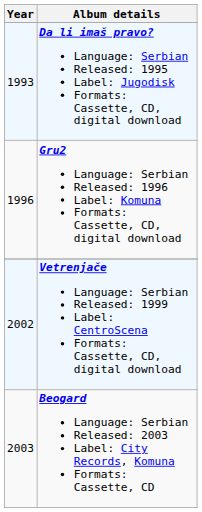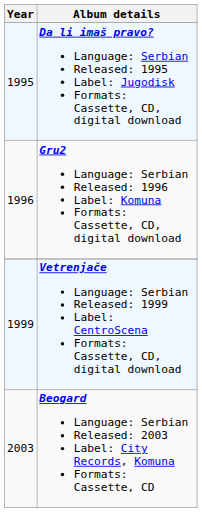 <table class="wikitable">
 <tr>
 <th align="center">Year</th>
 <th align="center" width="180">Album details</th>
 </tr>
 <tr>
 </tr>
 <tr bgcolor="#F0F8FF">
-<td>1993</td>
+<td>1995</td>
 <td><strong><em><a href='#'>Da li imaš pravo?</a></em></strong><br><ul><li>Language: <a href='#'>Serbian</a></li><li>Released: 1995</li><li>Label: <a href='#'>Jugodisk</a></li><li>Formats: Cassette, CD, digital download</li></ul></td>
 </tr>
 <tr>
 <td>1996</td>
 <td><strong><em><a href='#'>Gru2</a></em></strong><br><ul><li>Language: Serbian</li><li>Released: 1996</li><li>Label: <a href='#'>Komuna</a></li><li>Formats: Cassette, CD, digital download</li></ul></td>
 </tr>
 <tr>
 </tr>
 <tr bgcolor="#F0F8FF">
-<td>2002</td>
+<td>1999</td>
 <td><strong><em><a href='#'>Vetrenjače</a></em></strong><br><ul><li>Language: Serbian</li><li>Released: 1999</li><li>Label: <a href='#'>CentroScena</a></li><li>Formats: Cassette, CD, digital download</li></ul></td>
 </tr>
 <tr>
 <td>2003</td>
 <td><strong><em><a href='#'>Beogard</a></em></strong><br><ul><li>Language: Serbian</li><li>Released: 2003</li><li>Label: <a href='#'>City Records</a>, <a href='#'>Komuna</a></li><li>Formats: Cassette, CD</li></ul></td>
 </tr>
 </table>
